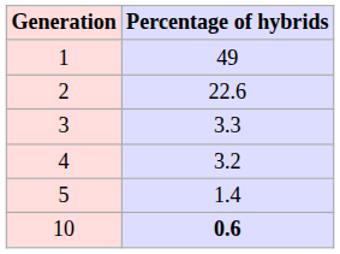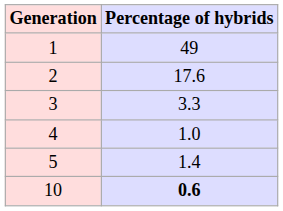 <table class="wikitable" style="float:right; margin-left:1em; text-align:center">
 <tr>
 <th style="background:#fdd; ">Generation</th>
 <th style="background:#ddf;">Percentage of hybrids</th>
 </tr>
 <tr>
 <td style="background:#fdd; ">1</td>
 <td style="background:#ddf; ">49</td>
 </tr>
 <tr>
 <td style="background:#fdd; ">2</td>
-<td style="background:#ddf; ">22.6</td>
+<td style="background:#ddf; ">17.6</td>
 </tr>
 <tr>
 <td style="background:#fdd; ">3</td>
 <td style="background:#ddf; ">3.3</td>
 </tr>
 <tr>
 <td style="background:#fdd; ">4</td>
-<td style="background:#ddf; ">3.2</td>
+<td style="background:#ddf; ">1.0</td>
 </tr>
 <tr>
 <td style="background:#fdd; ">5</td>
 <td style="background:#ddf; ">1.4</td>
 </tr>
 <tr>
 <td style="background:#fdd; ">10</td>
 <td style="background:#ddf; "><strong>0.6</strong></td>
 </tr>
 </table>
